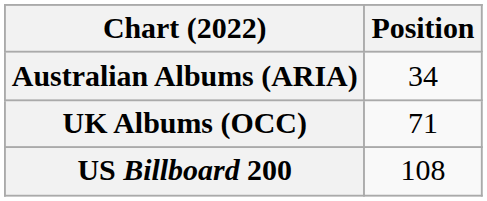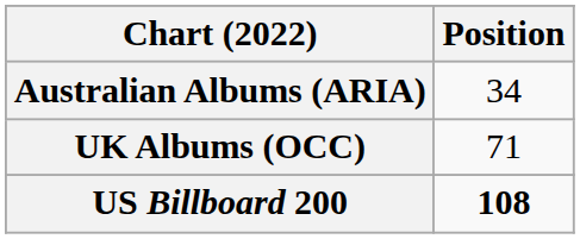 <table class="wikitable sortable plainrowheaders" style="text-align:center">
 <tr>
 <th scope="col">Chart (2022)</th>
 <th scope="col">Position</th>
 </tr>
 <tr>
 <th scope="row">Australian Albums (ARIA)</th>
 <td>34</td>
 </tr>
 <tr>
 <th scope="row">UK Albums (OCC)</th>
 <td>71</td>
 </tr>
 <tr>
 <th scope="row">US <em>Billboard</em> 200</th>
-<td>108</td>
+<td><strong>108</strong></td>
 </tr>
 </table>
